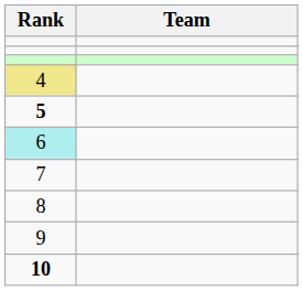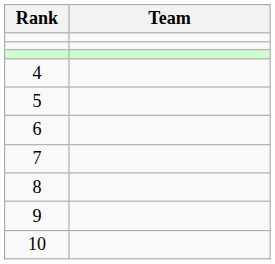 <table class="wikitable" style="text-align: center">
 <tr>
 <th width=50>Rank</th>
 <th width=170>Team</th>
 </tr>
 <tr>
 <td></td>
 <td align=left></td>
 </tr>
 <tr>
 <td></td>
 <td align=left></td>
 </tr>
 <tr bgcolor="#ccffcc">
 <td></td>
 <td align=left></td>
 </tr>
 <tr>
-<td style="background: khaki;">4</td>
+<td>4</td>
 <td align=left></td>
 </tr>
 <tr>
-<td><strong>5</strong></td>
+<td>5</td>
 <td align=left></td>
 </tr>
 <tr>
-<td style="background: paleturquoise;">6</td>
+<td>6</td>
 <td align=left></td>
 </tr>
 <tr>
 <td>7</td>
 <td align=left></td>
 </tr>
 <tr>
 <td>8</td>
 <td align=left></td>
 </tr>
 <tr>
 <td>9</td>
 <td align=left></td>
 </tr>
 <tr>
-<td><strong>10</strong></td>
+<td>10</td>
 <td align=left></td>
 </tr>
 </table>
